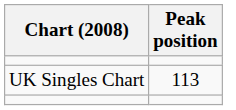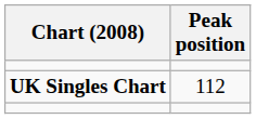 <table class="wikitable">
 <tr>
 <th>Chart (2008)</th>
 <th>Peak<br>position</th>
 </tr>
 <tr>
 <td></td>
 </tr>
 <tr>
-<td align="left">UK Singles Chart</td>
-<td align="center">113</td>
+<td align="left"><strong>UK Singles Chart</strong></td>
+<td align="center">112</td>
 </tr>
 <tr>
 <td></td>
 </tr>
 </table>
